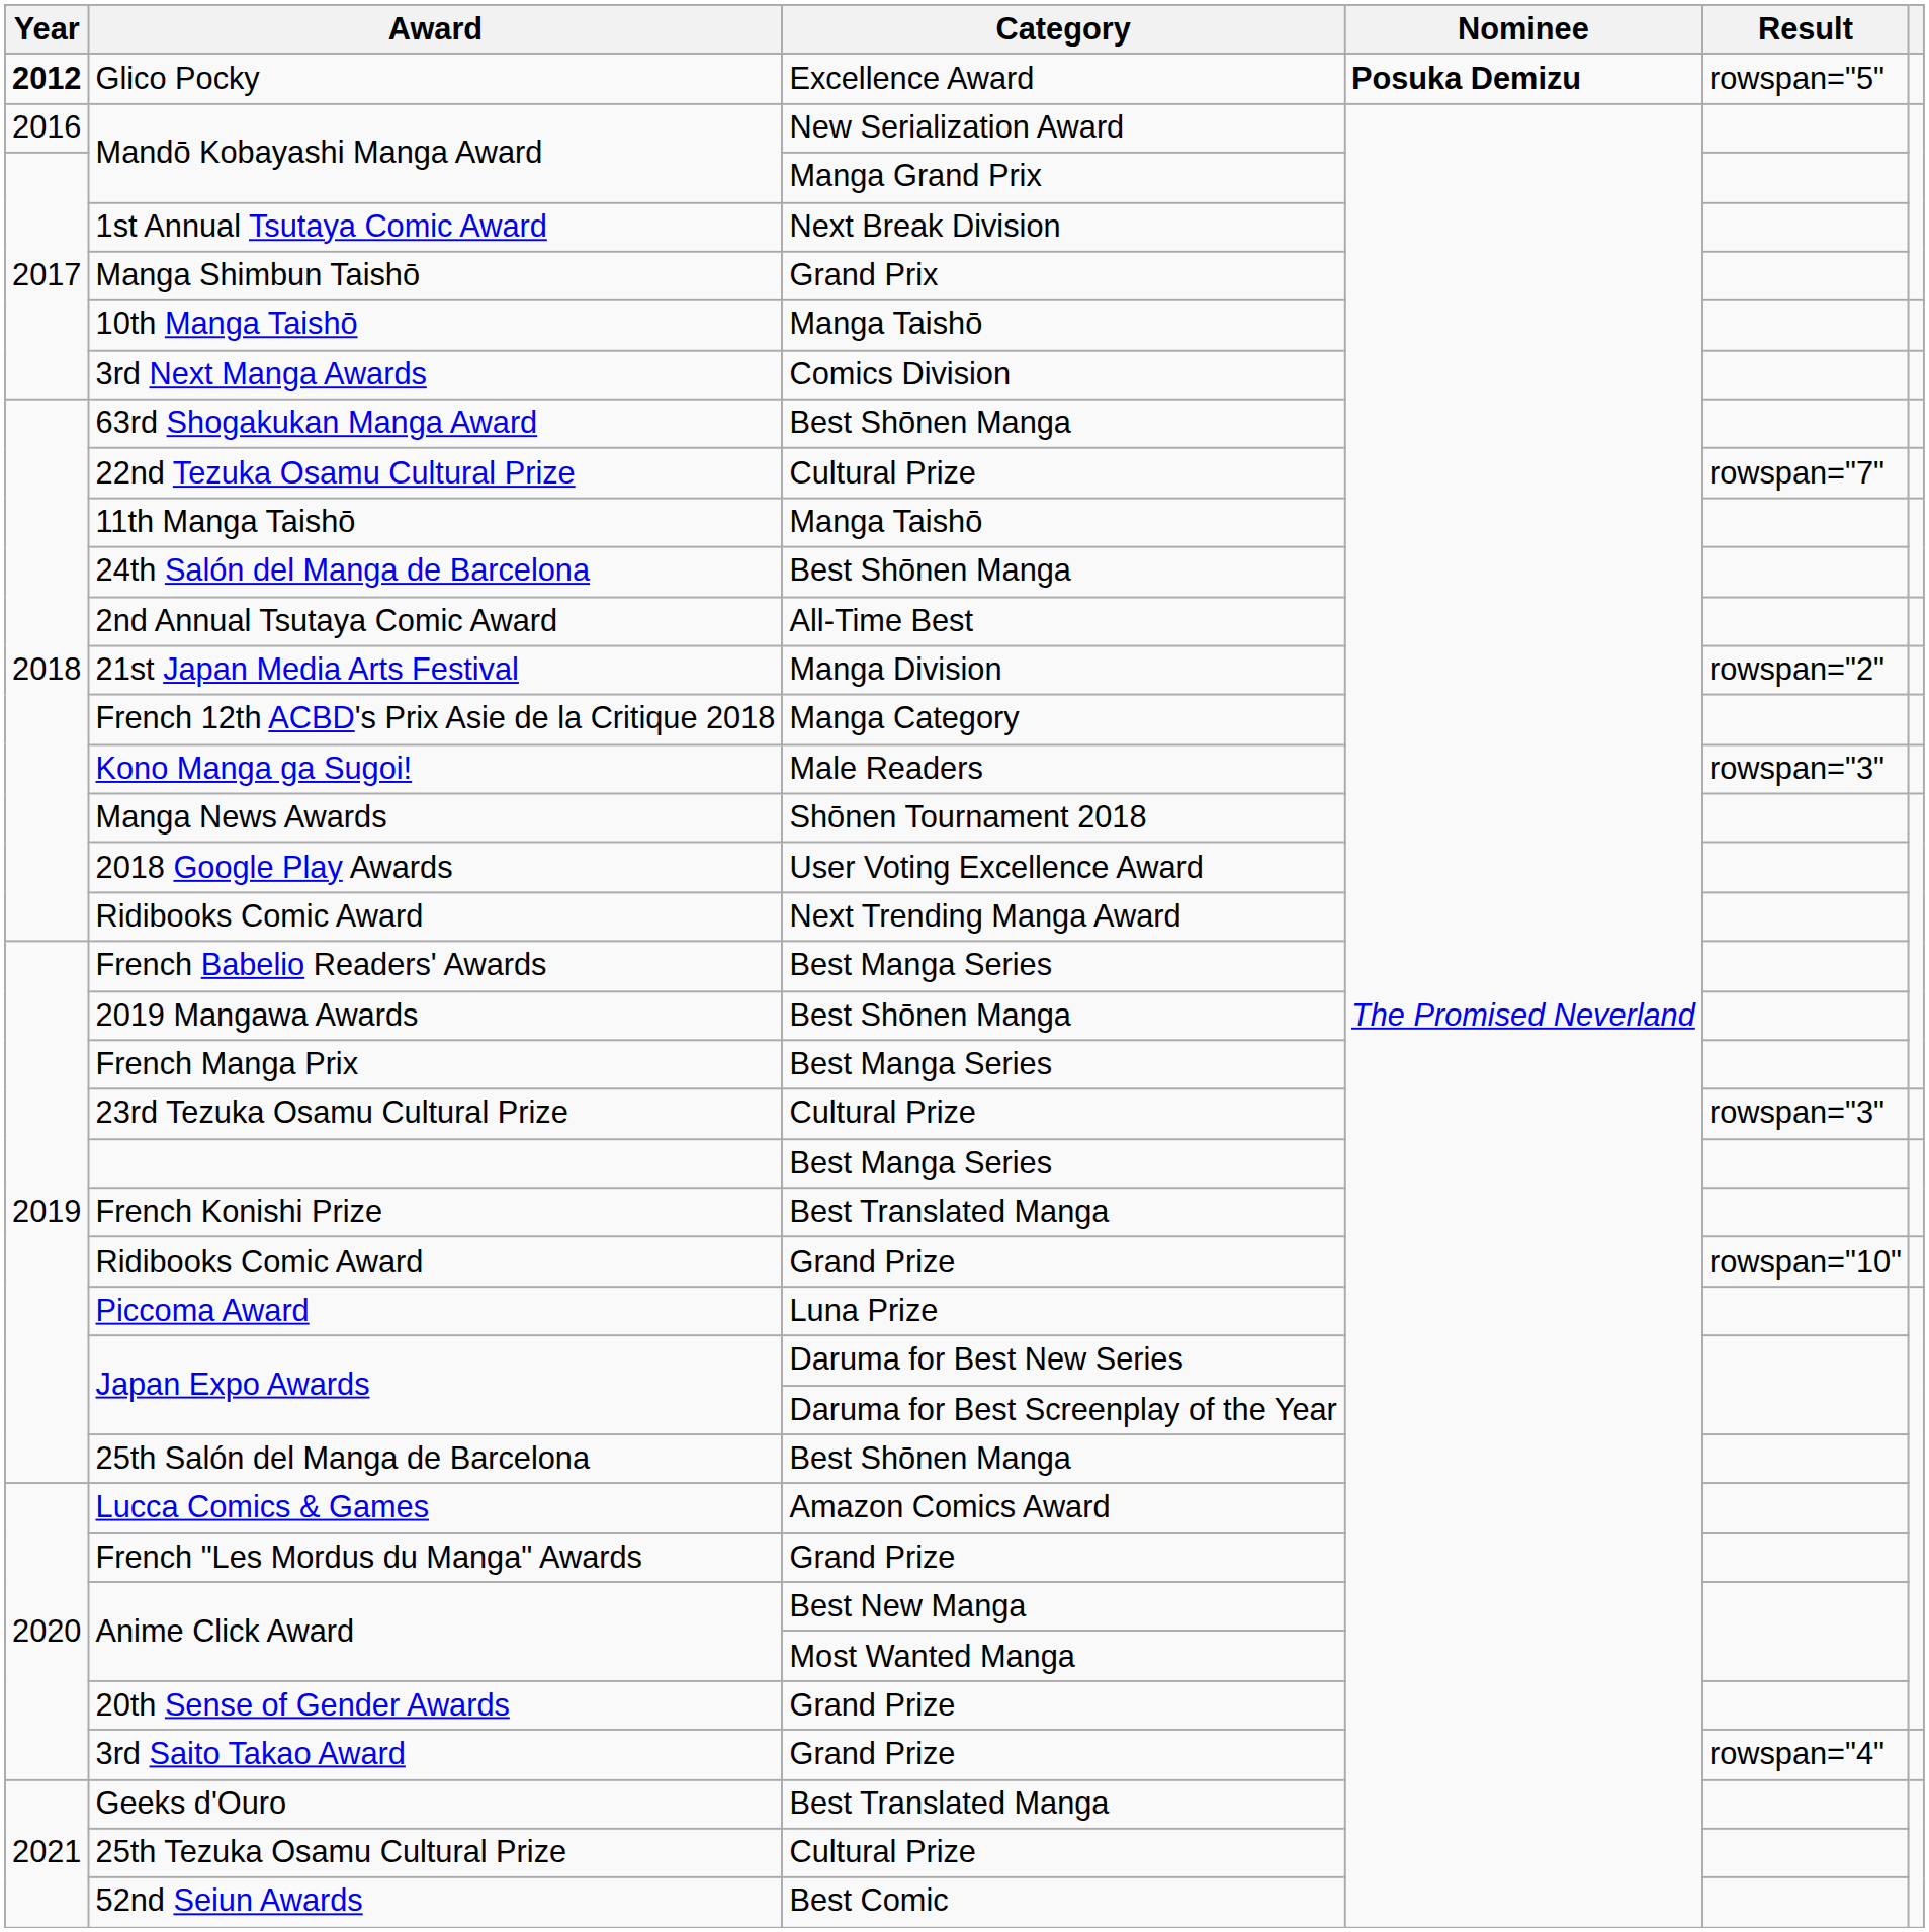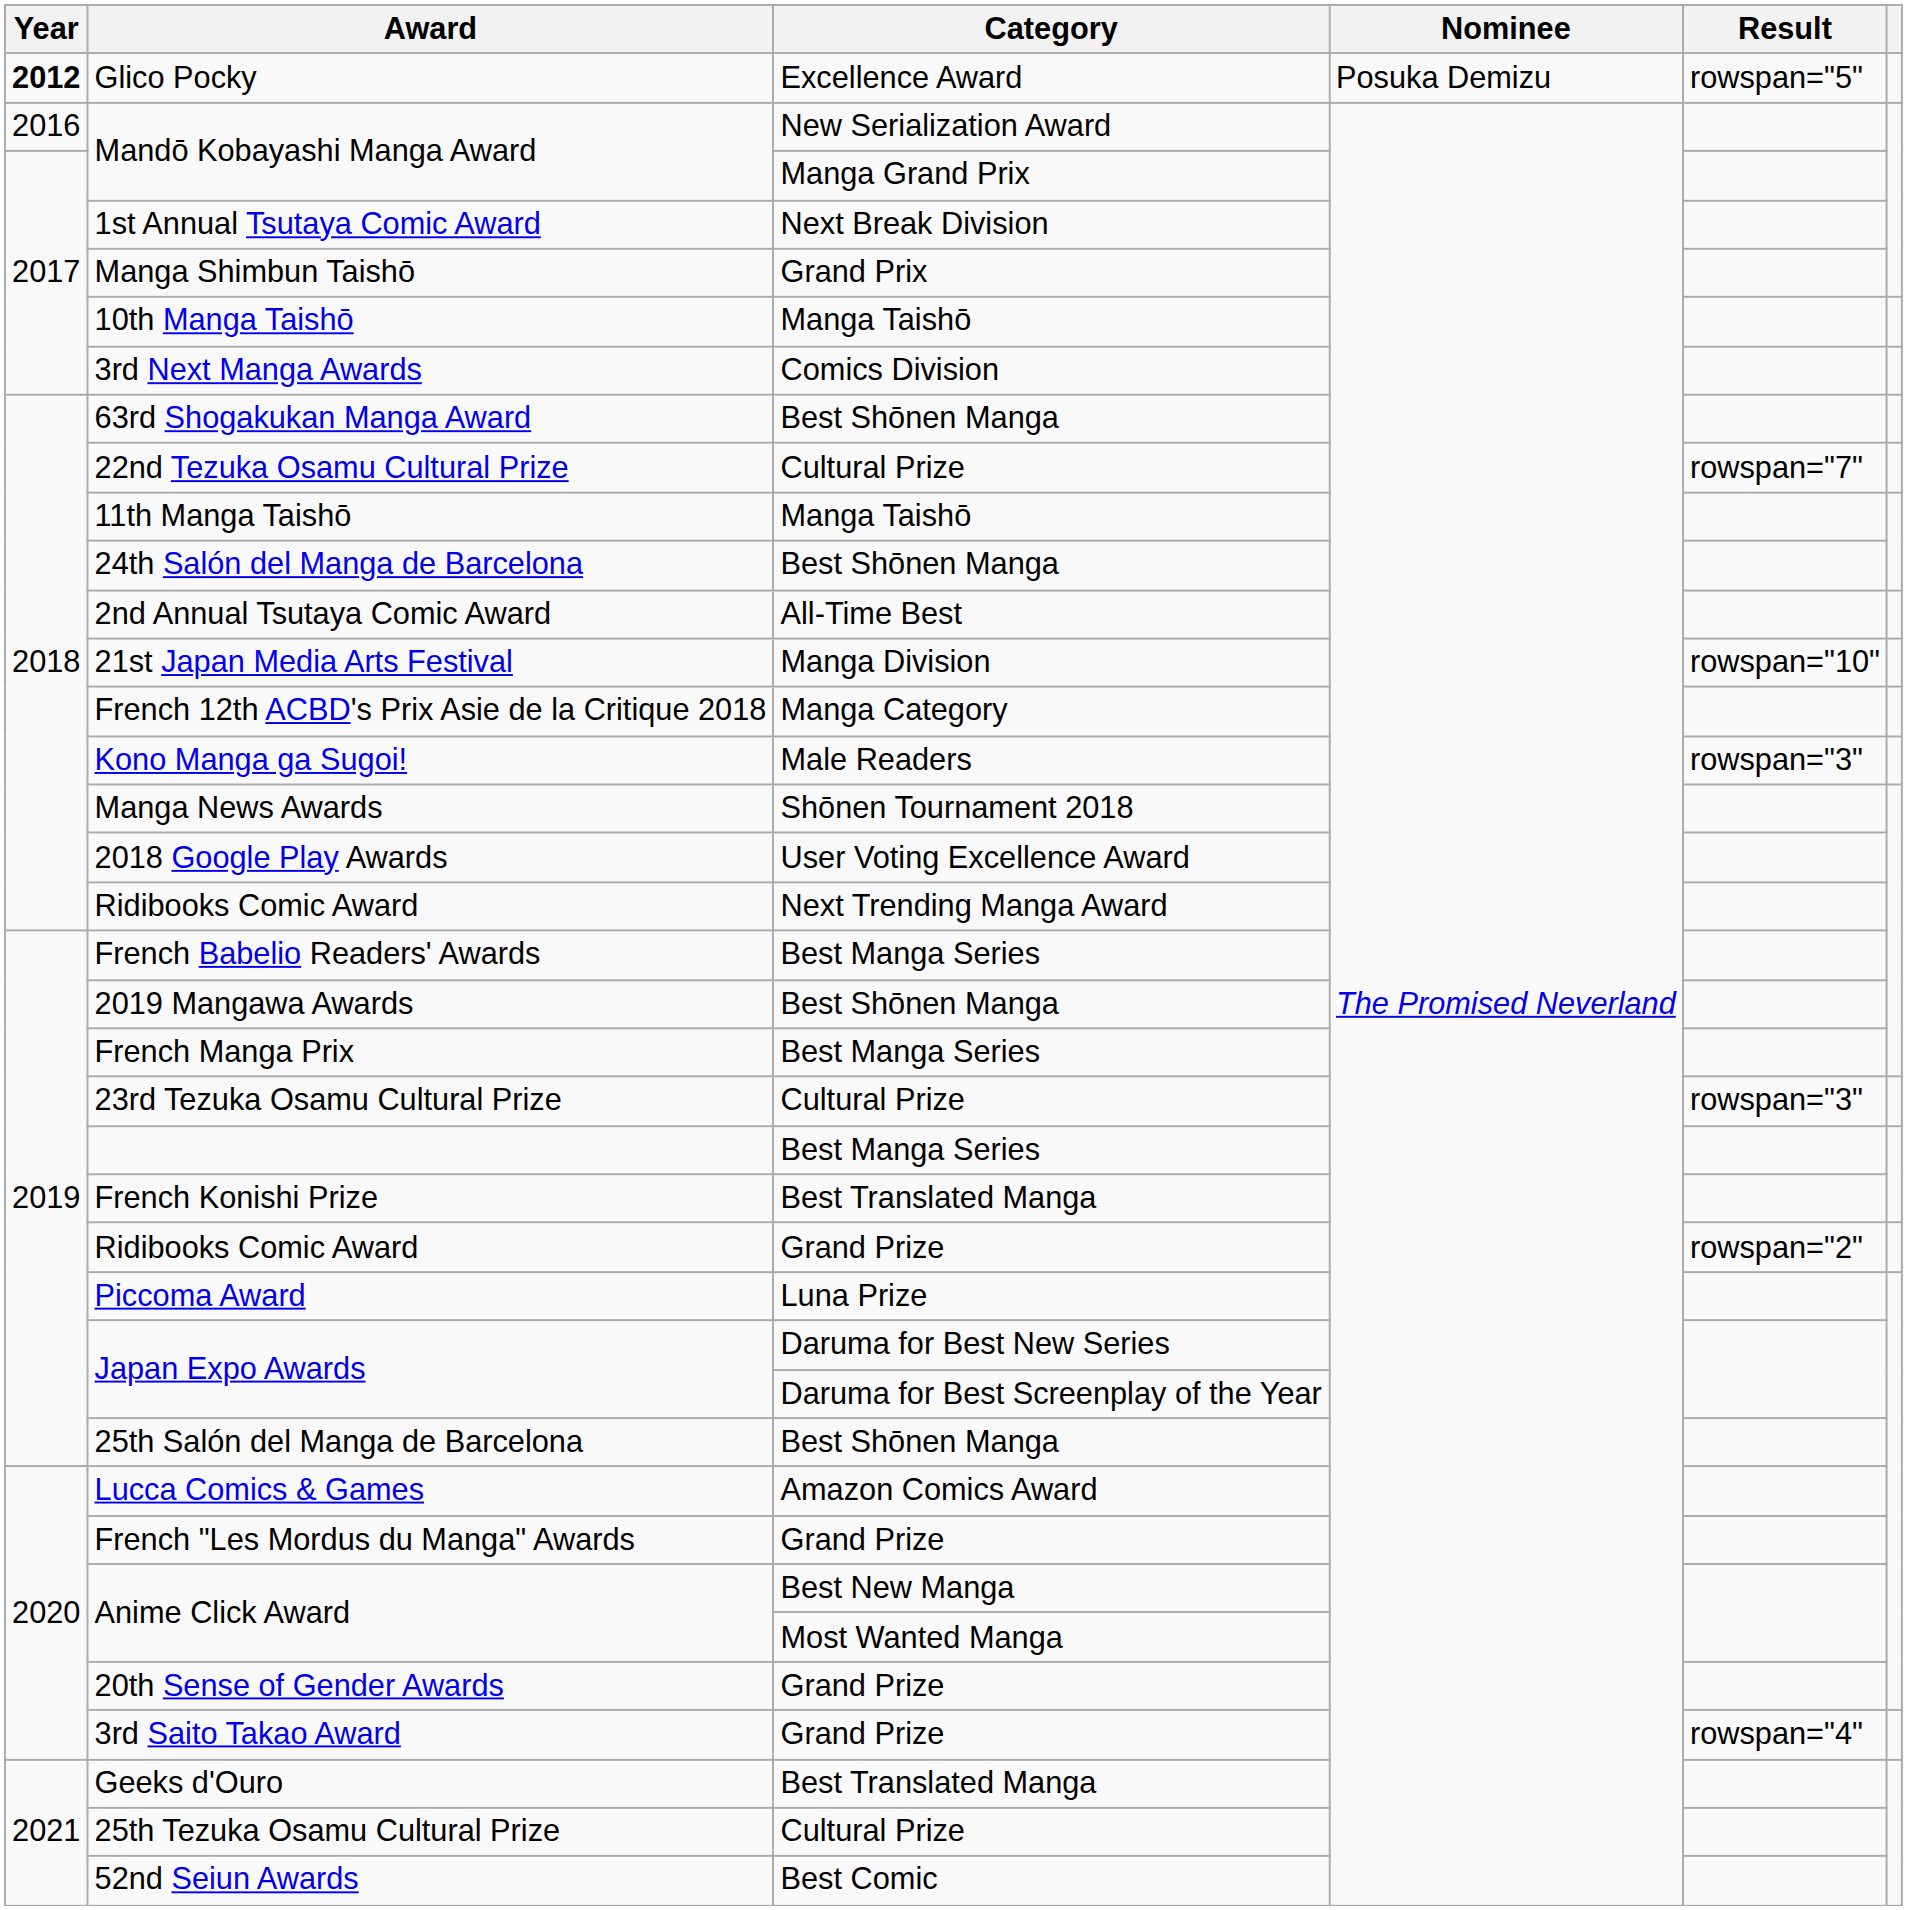 <table class="wikitable sortable">
 <tr>
 <th>Year</th>
 <th>Award</th>
 <th>Category</th>
 <th>Nominee</th>
 <th>Result</th>
 <th></th>
 </tr>
 <tr>
 <td><strong>2012</strong></td>
 <td>Glico Pocky</td>
 <td>Excellence Award</td>
-<td><strong>Posuka Demizu</strong></td>
+<td>Posuka Demizu</td>
 <td>rowspan="5" </td>
 <td align=center></td>
 </tr>
 <tr>
 <td>2016</td>
 <td rowspan="2">Mandō Kobayashi Manga Award</td>
 <td>New Serialization Award</td>
 <td rowspan="37"><em><a href='#'>The Promised Neverland</a></em></td>
 <td align=center></td>
 </tr>
 <tr>
 <td rowspan="5">2017</td>
 <td>Manga Grand Prix</td>
 <td align=center></td>
 </tr>
 <tr>
 <td>1st Annual <a href='#'>Tsutaya Comic Award</a></td>
 <td>Next Break Division</td>
 <td align=center></td>
 </tr>
 <tr>
 <td>Manga Shimbun Taishō</td>
 <td>Grand Prix</td>
 <td align=center></td>
 </tr>
 <tr>
 <td>10th <a href='#'>Manga Taishō</a></td>
 <td>Manga Taishō</td>
 <td></td>
 <td align=center></td>
 </tr>
 <tr>
 <td>3rd <a href='#'>Next Manga Awards</a></td>
 <td>Comics Division</td>
 <td></td>
 <td align=center></td>
 </tr>
 <tr>
 <td rowspan="11">2018</td>
 <td>63rd <a href='#'>Shogakukan Manga Award</a></td>
 <td>Best Shōnen Manga</td>
 <td></td>
 <td align=center></td>
 </tr>
 <tr>
 <td>22nd <a href='#'>Tezuka Osamu Cultural Prize</a></td>
 <td>Cultural Prize</td>
 <td>rowspan="7" </td>
 <td align=center></td>
 </tr>
 <tr>
 <td>11th Manga Taishō</td>
 <td>Manga Taishō</td>
 <td align=center></td>
 </tr>
 <tr>
 <td>24th <a href='#'>Salón del Manga de Barcelona</a></td>
 <td>Best Shōnen Manga</td>
 <td align=center></td>
 </tr>
 <tr>
 <td>2nd Annual Tsutaya Comic Award</td>
 <td>All-Time Best</td>
 <td></td>
 <td align=center></td>
 </tr>
 <tr>
 <td>21st <a href='#'>Japan Media Arts Festival</a></td>
 <td>Manga Division</td>
-<td>rowspan="2" </td>
+<td>rowspan="10" </td>
 <td align=center></td>
 </tr>
 <tr>
 <td>French 12th <a href='#'>ACBD</a>'s Prix Asie de la Critique 2018</td>
 <td>Manga Category</td>
 <td align=center></td>
 </tr>
 <tr>
 <td><a href='#'>Kono Manga ga Sugoi!</a></td>
 <td>Male Readers</td>
 <td>rowspan="3" </td>
 <td align=center></td>
 </tr>
 <tr>
 <td>Manga News Awards</td>
 <td>Shōnen Tournament 2018</td>
 <td align=center></td>
 </tr>
 <tr>
 <td>2018 <a href='#'>Google Play</a> Awards</td>
 <td>User Voting Excellence Award</td>
 <td align=center></td>
 </tr>
 <tr>
 <td>Ridibooks Comic Award</td>
 <td>Next Trending Manga Award</td>
 <td align=center></td>
 </tr>
 <tr>
 <td rowspan="11">2019</td>
 <td>French <a href='#'>Babelio</a> Readers' Awards</td>
 <td>Best Manga Series</td>
 <td align=center></td>
 </tr>
 <tr>
 <td>2019 Mangawa Awards</td>
 <td>Best Shōnen Manga</td>
 <td align=center></td>
 </tr>
 <tr>
 <td>French Manga Prix</td>
 <td>Best Manga Series</td>
 <td align=center></td>
 </tr>
 <tr>
 <td>23rd Tezuka Osamu Cultural Prize</td>
 <td>Cultural Prize</td>
 <td>rowspan="3"</td>
 <td align=center></td>
 </tr>
 <tr>
 <td></td>
 <td>Best Manga Series</td>
 <td align=center></td>
 </tr>
 <tr>
 <td>French Konishi Prize</td>
 <td>Best Translated Manga</td>
 <td align=center></td>
 </tr>
 <tr>
 <td>Ridibooks Comic Award</td>
 <td>Grand Prize</td>
-<td>rowspan="10" </td>
+<td>rowspan="2" </td>
 <td align=center></td>
 </tr>
 <tr>
 <td><a href='#'>Piccoma Award</a></td>
 <td>Luna Prize</td>
 <td align=center></td>
 </tr>
 <tr>
 <td rowspan="2"><a href='#'>Japan Expo Awards</a></td>
 <td>Daruma for Best New Series</td>
 <td rowspan="2" style="text-align:center;"></td>
 </tr>
 <tr>
 <td>Daruma for Best Screenplay of the Year</td>
 </tr>
 <tr>
 <td>25th Salón del Manga de Barcelona</td>
 <td>Best Shōnen Manga</td>
 <td align=center></td>
 </tr>
 <tr>
 <td rowspan="6">2020</td>
 <td><a href='#'>Lucca Comics & Games</a></td>
 <td>Amazon Comics Award</td>
 <td align=center></td>
 </tr>
 <tr>
 <td>French "Les Mordus du Manga" Awards</td>
 <td>Grand Prize</td>
 <td style="text-align:center;"></td>
 </tr>
 <tr>
 <td rowspan="2">Anime Click Award</td>
 <td>Best New Manga</td>
 <td rowspan="2" style="text-align:center;"></td>
 </tr>
 <tr>
 <td>Most Wanted Manga</td>
 </tr>
 <tr>
 <td>20th <a href='#'>Sense of Gender Awards</a></td>
 <td>Grand Prize</td>
 <td align=center></td>
 </tr>
 <tr>
 <td>3rd <a href='#'>Saito Takao Award</a></td>
 <td>Grand Prize</td>
 <td>rowspan="4" </td>
 <td align=center></td>
 </tr>
 <tr>
 <td rowspan="3">2021</td>
 <td>Geeks d'Ouro</td>
 <td>Best Translated Manga</td>
 <td align=center></td>
 </tr>
 <tr>
 <td>25th Tezuka Osamu Cultural Prize</td>
 <td>Cultural Prize</td>
 <td align=center></td>
 </tr>
 <tr>
 <td>52nd <a href='#'>Seiun Awards</a></td>
 <td>Best Comic</td>
 <td align=center></td>
 </tr>
 </table>
